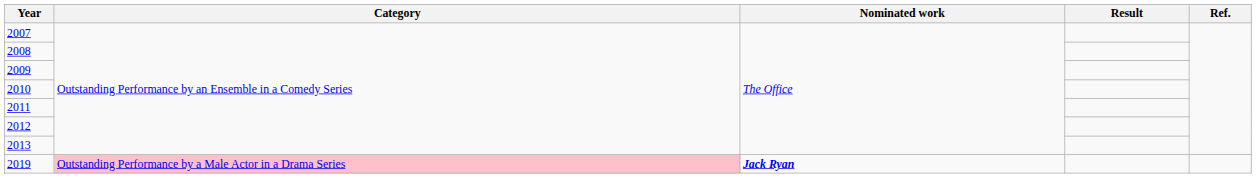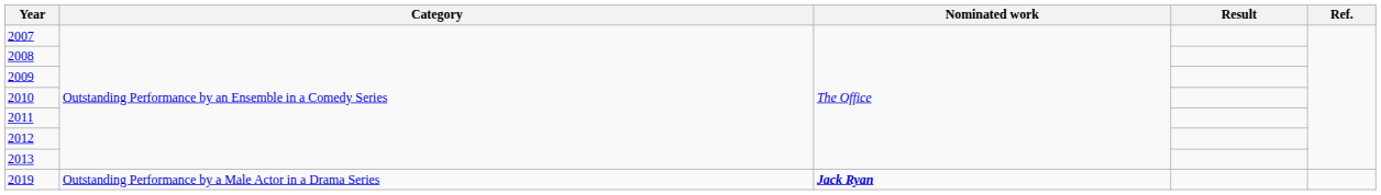 <table class="wikitable" style="width:85%;">
 <tr>
 <th style="width:4%;">Year</th>
 <th style="width:55%;">Category</th>
 <th style="width:26%;">Nominated work</th>
 <th style="width:10%;">Result</th>
 <th width=5%>Ref.</th>
 </tr>
 <tr>
 <td><a href='#'>2007</a></td>
 <td rowspan="7"><a href='#'>Outstanding Performance by an Ensemble in a Comedy Series</a></td>
 <td rowspan="7"><em><a href='#'>The Office</a></em></td>
 <td></td>
 <td rowspan="7"></td>
 </tr>
 <tr>
 <td><a href='#'>2008</a></td>
 <td></td>
 </tr>
 <tr>
 <td><a href='#'>2009</a></td>
 <td></td>
 </tr>
 <tr>
 <td><a href='#'>2010</a></td>
 <td></td>
 </tr>
 <tr>
 <td><a href='#'>2011</a></td>
 <td></td>
 </tr>
 <tr>
 <td><a href='#'>2012</a></td>
 <td></td>
 </tr>
 <tr>
 <td><a href='#'>2013</a></td>
 <td></td>
 </tr>
 <tr>
 <td><a href='#'>2019</a></td>
-<td style="background: pink;"><a href='#'>Outstanding Performance by a Male Actor in a Drama Series</a></td>
+<td><a href='#'>Outstanding Performance by a Male Actor in a Drama Series</a></td>
 <td><strong><a href='#'><em>Jack Ryan</em></a></strong></td>
 <td></td>
 <td align="center"></td>
 </tr>
 </table>
